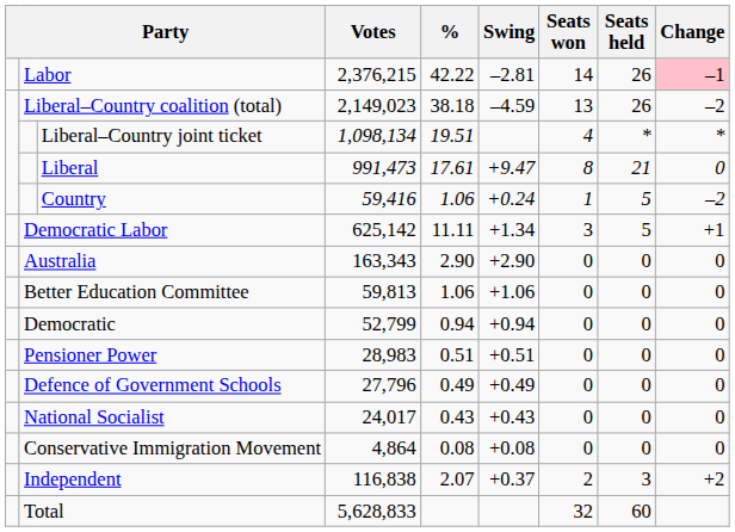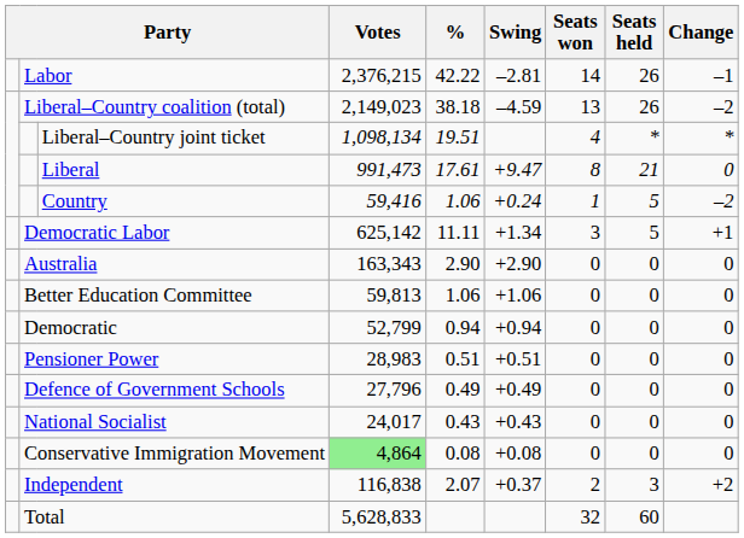 <table class="wikitable">
 <tr>
 <th colspan=3 style="width:180px">Party</th>
 <th style="width:70px">Votes</th>
 <th style="width:40px">%</th>
 <th style="width:40px">Swing</th>
 <th style="width:40px">Seats won</th>
 <th style="width:40px">Seats held</th>
 <th style="width:40px">Change</th>
 </tr>
 <tr>
 <td> </td>
 <td colspan=2><a href='#'>Labor</a></td>
 <td align=right>2,376,215</td>
 <td align=right>42.22</td>
 <td align=right>–2.81</td>
 <td align=right>14</td>
 <td align=right>26</td>
-<td align=right style="background: pink;">–1</td>
+<td align=right>–1</td>
 </tr>
 <tr>
 <td rowspan=4> </td>
 <td colspan=2><a href='#'>Liberal–Country coalition</a> (total)</td>
 <td align=right>2,149,023</td>
 <td align=right>38.18</td>
 <td align=right>–4.59</td>
 <td align=right>13</td>
 <td align=right>26</td>
 <td align=right>–2</td>
 </tr>
 <tr>
 <td> </td>
 <td>Liberal–Country joint ticket</td>
 <td align=right><em>1,098,134</em></td>
 <td align=right><em>19.51</em></td>
 <td align=right><em></em></td>
 <td align=right><em>4</em></td>
 <td align=right><em>*</em></td>
 <td align=right><em>*</em></td>
 </tr>
 <tr>
 <td> </td>
 <td><a href='#'>Liberal</a></td>
 <td align=right><em>991,473</em></td>
 <td align=right><em>17.61</em></td>
 <td align=right><em>+9.47</em></td>
 <td align=right><em>8</em></td>
 <td align=right><em>21</em></td>
 <td align=right><em>0</em></td>
 </tr>
 <tr>
 <td> </td>
 <td><a href='#'>Country</a></td>
 <td align=right><em>59,416</em></td>
 <td align=right><em>1.06</em></td>
 <td align=right><em>+0.24</em></td>
 <td align=right><em>1</em></td>
 <td align=right><em>5</em></td>
 <td align=right><em>–2</em></td>
 </tr>
 <tr>
 <td> </td>
 <td colspan=2><a href='#'>Democratic Labor</a></td>
 <td align=right>625,142</td>
 <td align=right>11.11</td>
 <td align=right>+1.34</td>
 <td align=right>3</td>
 <td align=right>5</td>
 <td align=right>+1</td>
 </tr>
 <tr>
 <td> </td>
 <td colspan=2><a href='#'>Australia</a></td>
 <td align=right>163,343</td>
 <td align=right>2.90</td>
 <td align=right>+2.90</td>
 <td align=right>0</td>
 <td align=right>0</td>
 <td align=right>0</td>
 </tr>
 <tr>
 <td> </td>
 <td colspan=2>Better Education Committee</td>
 <td align=right>59,813</td>
 <td align=right>1.06</td>
 <td align=right>+1.06</td>
 <td align=right>0</td>
 <td align=right>0</td>
 <td align=right>0</td>
 </tr>
 <tr>
 <td> </td>
 <td colspan=2>Democratic</td>
 <td align=right>52,799</td>
 <td align=right>0.94</td>
 <td align=right>+0.94</td>
 <td align=right>0</td>
 <td align=right>0</td>
 <td align=right>0</td>
 </tr>
 <tr>
 <td> </td>
 <td colspan=2><a href='#'>Pensioner Power</a></td>
 <td align=right>28,983</td>
 <td align=right>0.51</td>
 <td align=right>+0.51</td>
 <td align=right>0</td>
 <td align=right>0</td>
 <td align=right>0</td>
 </tr>
 <tr>
 <td> </td>
 <td colspan=2><a href='#'>Defence of Government Schools</a></td>
 <td align=right>27,796</td>
 <td align=right>0.49</td>
 <td align=right>+0.49</td>
 <td align=right>0</td>
 <td align=right>0</td>
 <td align=right>0</td>
 </tr>
 <tr>
 <td> </td>
 <td colspan=2><a href='#'>National Socialist</a></td>
 <td align=right>24,017</td>
 <td align=right>0.43</td>
 <td align=right>+0.43</td>
 <td align=right>0</td>
 <td align=right>0</td>
 <td align=right>0</td>
 </tr>
 <tr>
 <td> </td>
 <td colspan=2>Conservative Immigration Movement</td>
-<td align=right>4,864</td>
+<td align=right style="background: lightgreen;">4,864</td>
 <td align=right>0.08</td>
 <td align=right>+0.08</td>
 <td align=right>0</td>
 <td align=right>0</td>
 <td align=right>0</td>
 </tr>
 <tr>
 <td> </td>
 <td colspan=2><a href='#'>Independent</a></td>
 <td align=right>116,838</td>
 <td align=right>2.07</td>
 <td align=right>+0.37</td>
 <td align=right>2</td>
 <td align=right>3</td>
 <td align=right>+2</td>
 </tr>
 <tr>
 <td> </td>
 <td colspan=2>Total</td>
 <td align=right>5,628,833</td>
 <td align=right> </td>
 <td align=right> </td>
 <td align=right>32</td>
 <td align=right>60</td>
 <td align=right></td>
 </tr>
 </table>
